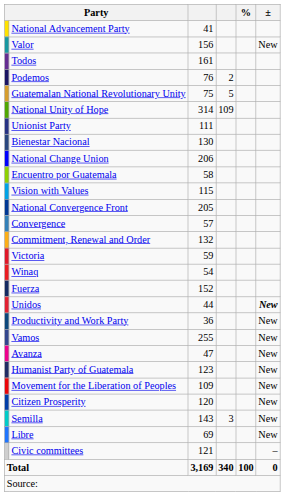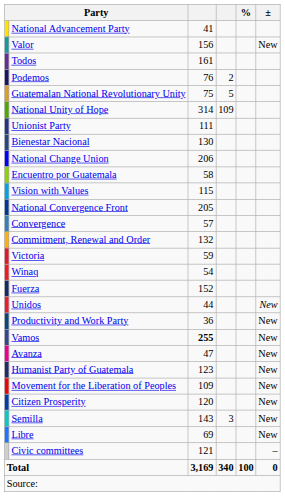 <table class=wikitable style=text-align:right>
 <tr>
 <th colspan=2>Party</th>
 <th></th>
 <th></th>
 <th>%</th>
 <th>±</th>
 </tr>
 <tr>
 <td style="background:#FFE200"></td>
 <td align=left><a href='#'>National Advancement Party</a></td>
 <td>41</td>
 <td></td>
 <td></td>
 <td></td>
 </tr>
 <tr>
 <td style="background:#1898A1"></td>
 <td align=left><a href='#'>Valor</a></td>
 <td>156</td>
 <td></td>
 <td></td>
 <td>New</td>
 </tr>
 <tr>
 <td style="background:#652D92"></td>
 <td align=left><a href='#'>Todos</a></td>
 <td>161</td>
 <td></td>
 <td></td>
 <td></td>
 </tr>
 <tr>
 <td style="background:#1B1464"></td>
 <td align=left><a href='#'>Podemos</a></td>
 <td>76</td>
 <td>2</td>
 <td></td>
 <td></td>
 </tr>
 <tr>
 <td style="background:#D79E2D"></td>
 <td align=left><a href='#'>Guatemalan National Revolutionary Unity</a></td>
 <td>75</td>
 <td>5</td>
 <td></td>
 <td></td>
 </tr>
 <tr>
 <td style="background:#50A700"></td>
 <td align=left><a href='#'>National Unity of Hope</a></td>
 <td>314</td>
 <td>109</td>
 <td></td>
 <td></td>
 </tr>
 <tr>
 <td style="background:#273284"></td>
 <td align=left><a href='#'>Unionist Party</a></td>
 <td>111</td>
 <td></td>
 <td></td>
 <td></td>
 </tr>
 <tr>
 <td style="background:#29467E"></td>
 <td align=left><a href='#'>Bienestar Nacional</a></td>
 <td>130</td>
 <td></td>
 <td></td>
 <td></td>
 </tr>
 <tr>
 <td style="background:#0000FE"></td>
 <td align=left><a href='#'>National Change Union</a></td>
 <td>206</td>
 <td></td>
 <td></td>
 <td></td>
 </tr>
 <tr>
 <td style="background:#8ED201"></td>
 <td align=left><a href='#'>Encuentro por Guatemala</a></td>
 <td>58</td>
 <td></td>
 <td></td>
 <td></td>
 </tr>
 <tr>
 <td style="background:#00A3E6"></td>
 <td align=left><a href='#'>Vision with Values</a></td>
 <td>115</td>
 <td></td>
 <td></td>
 <td></td>
 </tr>
 <tr>
 <td style="background:#003895"></td>
 <td align=left><a href='#'>National Convergence Front</a></td>
 <td>205</td>
 <td></td>
 <td></td>
 <td></td>
 </tr>
 <tr>
 <td style="background:#3481B9"></td>
 <td align=left><a href='#'>Convergence</a></td>
 <td>57</td>
 <td></td>
 <td></td>
 <td></td>
 </tr>
 <tr>
 <td style="background:#FDAF17"></td>
 <td align=left><a href='#'>Commitment, Renewal and Order</a></td>
 <td>132</td>
 <td></td>
 <td></td>
 <td></td>
 </tr>
 <tr>
 <td style="background:#E11829"></td>
 <td align=left><a href='#'>Victoria</a></td>
 <td>59</td>
 <td></td>
 <td></td>
 <td></td>
 </tr>
 <tr>
 <td style="background:#EB1C22"></td>
 <td align=left><a href='#'>Winaq</a></td>
 <td>54</td>
 <td></td>
 <td></td>
 <td></td>
 </tr>
 <tr>
 <td style="background:#142A62"></td>
 <td align=left><a href='#'>Fuerza</a></td>
 <td>152</td>
 <td></td>
 <td></td>
 <td></td>
 </tr>
 <tr>
 <td style="background:#E32132"></td>
 <td align=left><a href='#'>Unidos</a></td>
 <td>44</td>
 <td></td>
 <td></td>
-<td><strong><em>New</em></strong></td>
+<td><em>New</em></td>
 </tr>
 <tr>
 <td style="background:#0C477B"></td>
 <td align=left><a href='#'>Productivity and Work Party</a></td>
 <td>36</td>
 <td></td>
 <td></td>
 <td>New</td>
 </tr>
 <tr>
 <td style="background:#34478E"></td>
 <td align=left><a href='#'>Vamos</a></td>
-<td>255</td>
+<td><strong>255</strong></td>
 <td></td>
 <td></td>
 <td>New</td>
 </tr>
 <tr>
 <td style="background:#EF018D"></td>
 <td align=left><a href='#'>Avanza</a></td>
 <td>47</td>
 <td></td>
 <td></td>
 <td>New</td>
 </tr>
 <tr>
 <td style="background:#212C64"></td>
 <td align=left><a href='#'>Humanist Party of Guatemala</a></td>
 <td>123</td>
 <td></td>
 <td></td>
 <td>New</td>
 </tr>
 <tr>
 <td style="background:#EC0408"></td>
 <td align=left><a href='#'>Movement for the Liberation of Peoples</a></td>
 <td>109</td>
 <td></td>
 <td></td>
 <td>New</td>
 </tr>
 <tr>
 <td style="background:#013EA8"></td>
 <td align=left><a href='#'>Citizen Prosperity</a></td>
 <td>120</td>
 <td></td>
 <td></td>
 <td>New</td>
 </tr>
 <tr>
 <td style="background:#00CCC9"></td>
 <td align=left><a href='#'>Semilla</a></td>
 <td>143</td>
 <td>3</td>
 <td></td>
 <td>New</td>
 </tr>
 <tr>
 <td style="background:#1F75FE"></td>
 <td align=left><a href='#'>Libre</a></td>
 <td>69</td>
 <td></td>
 <td></td>
 <td>New</td>
 </tr>
 <tr>
 <td style="background:#CFCFCF"></td>
 <td align=left><a href='#'>Civic committees</a></td>
 <td>121</td>
 <td></td>
 <td></td>
 <td>–</td>
 </tr>
 <tr>
 <td align=left colspan=2><strong>Total</strong></td>
 <td><strong>3,169</strong></td>
 <td><strong>340</strong></td>
 <td><strong>100</strong></td>
 <td><strong>0</strong></td>
 </tr>
 <tr>
 <td align=left colspan=13>Source: </td>
 </tr>
 </table>
